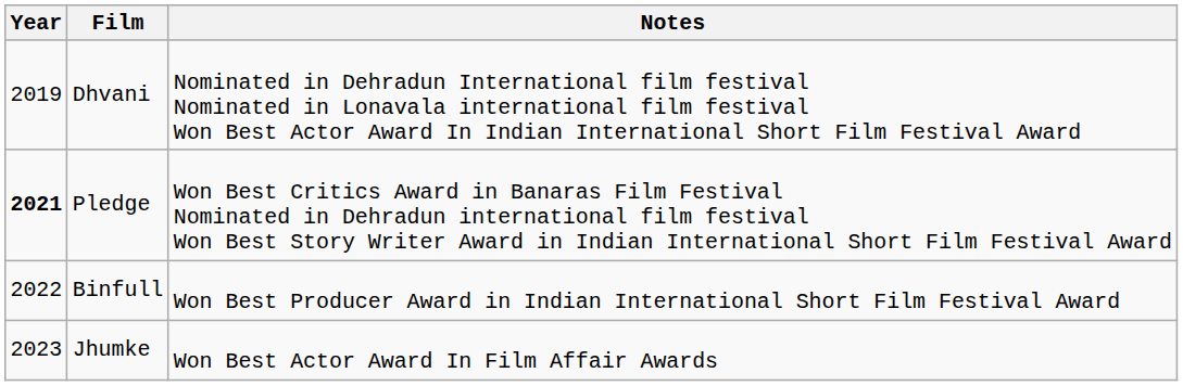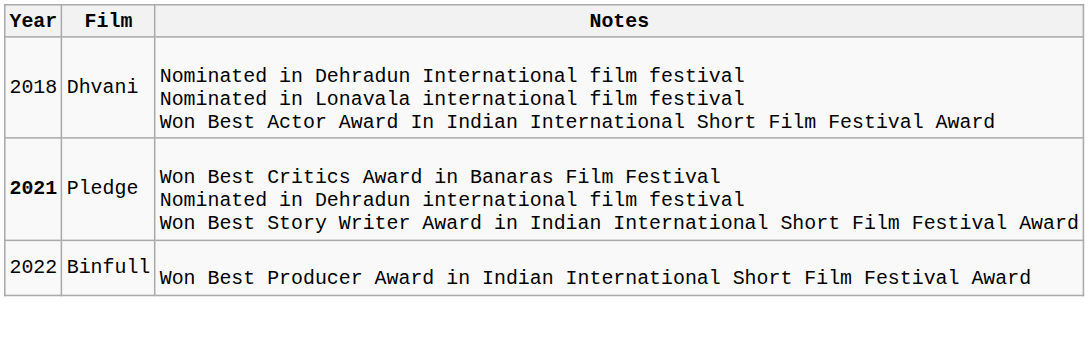 <table Class="wikitable sortable">
 <tr Style="background:=CCCCCC;">
 <th>Year</th>
 <th>Film</th>
 <th>Notes</th>
 </tr>
 <tr>
-<td>2019</td>
+<td>2018</td>
 <td>Dhvani</td>
 <td><br>Nominated in Dehradun International film festival <br> Nominated in Lonavala international film festival <br> Won Best Actor Award In Indian International Short Film Festival Award</td>
 </tr>
 <tr>
 <td><strong>2021</strong></td>
 <td>Pledge</td>
 <td><br>Won Best Critics Award in Banaras Film Festival <br>Nominated in Dehradun international film festival <br>Won Best Story Writer Award in Indian International Short Film Festival Award</td>
 </tr>
 <tr>
 <td>2022</td>
 <td>Binfull</td>
 <td><br>Won Best Producer Award in Indian International Short Film Festival Award</td>
 </tr>
-<tr>
-<td>2023</td>
-<td>Jhumke</td>
-<td><br>Won Best Actor Award In Film Affair Awards</td>
-</tr>
 </table>
